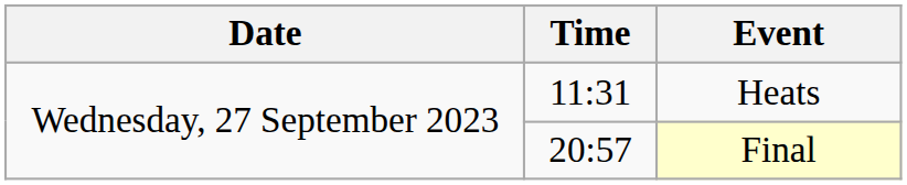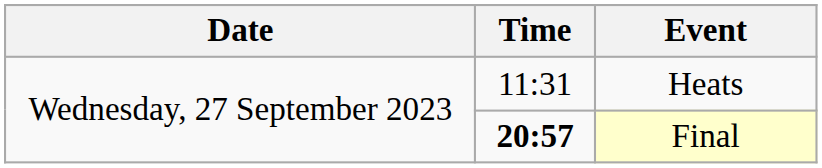 <table class = "wikitable" style="text-align:center;">
 <tr>
 <th width=220>Date</th>
 <th width=50>Time</th>
 <th width=100>Event</th>
 </tr>
 <tr>
 <td rowspan=2>Wednesday, 27 September 2023</td>
 <td>11:31</td>
 <td>Heats</td>
 </tr>
 <tr>
-<td>20:57</td>
+<td><strong>20:57</strong></td>
 <td bgcolor=ffffcc>Final</td>
 </tr>
 </table>
